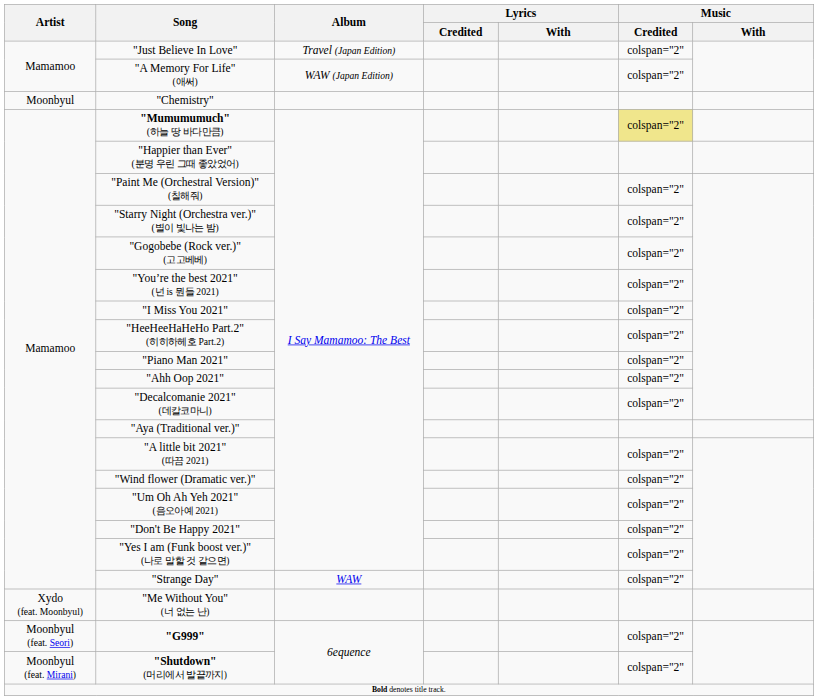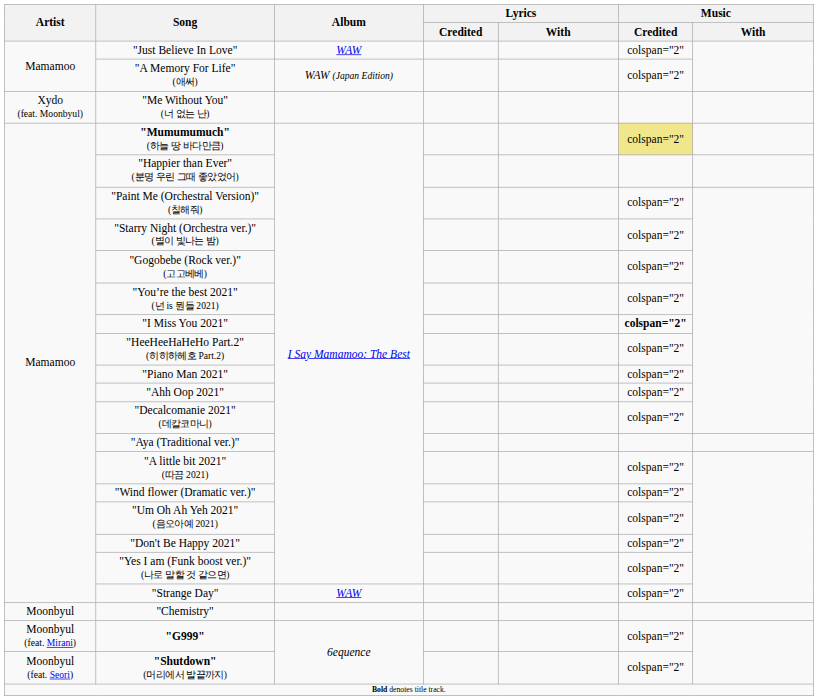 <table class="wikitable" style="text-align:center;">
 <tr>
 <th rowspan="2" style="width:7.5em;">Artist</th>
 <th rowspan="2" style="width:15em;">Song</th>
 <th rowspan="2" style="width:12.5em;">Album</th>
 <th colspan="2" style="width:16em;">Lyrics</th>
 <th colspan="2" style="width:16em;">Music</th>
 </tr>
 <tr>
 <th style="width:6em;">Credited</th>
 <th style="width:10em;">With</th>
 <th style="width:6em;">Credited</th>
 <th style="width:10em;">With</th>
 </tr>
 <tr>
 <td rowspan="2">Mamamoo</td>
 <td>"Just Believe In Love"</td>
-<td><em>Travel <small>(Japan Edition)</small></em></td>
+<td><em><a href='#'>WAW</a></em></td>
 <td></td>
 <td></td>
 <td>colspan="2" </td>
 </tr>
 <tr>
 <td>"A Memory For Life" <br><small>(애써)</small></td>
 <td><em>WAW <small>(Japan Edition)</small></em></td>
 <td></td>
 <td></td>
 <td>colspan="2" </td>
 </tr>
 <tr>
-<td>Moonbyul</td>
-<td>"Chemistry"</td>
+<td>Xydo <br><small>(feat. Moonbyul)</small></td>
+<td>"Me Without You" <br><small>(너 없는 난)</small></td>
 <td></td>
 <td></td>
 <td></td>
 <td></td>
 <td></td>
 </tr>
 <tr>
 <td rowspan="18">Mamamoo</td>
 <td><strong>"Mumumumuch"</strong> <br><small>(하늘 땅 바다만큼)</small></td>
 <td rowspan="17"><em><a href='#'>I Say Mamamoo: The Best</a></em></td>
 <td></td>
 <td></td>
 <td style="background: khaki;">colspan="2" </td>
 </tr>
 <tr>
 <td>"Happier than Ever" <br><small>(분명 우린 그때 좋았었어)</small></td>
 <td></td>
 <td></td>
 <td></td>
 <td></td>
 </tr>
 <tr>
 <td>"Paint Me (Orchestral Version)" <br><small>(칠해줘)</small></td>
 <td></td>
 <td></td>
 <td>colspan="2" </td>
 </tr>
 <tr>
 <td>"Starry Night (Orchestra ver.)" <br><small>(별이 빛나는 밤)</small></td>
 <td></td>
 <td></td>
 <td>colspan="2" </td>
 </tr>
 <tr>
 <td>"Gogobebe (Rock ver.)" <br><small>(고고베베)</small></td>
 <td></td>
 <td></td>
 <td>colspan="2" </td>
 </tr>
 <tr>
 <td>"You’re the best 2021" <br><small>(넌 is 뭔들 2021)</small></td>
 <td></td>
 <td></td>
 <td>colspan="2" </td>
 </tr>
 <tr>
 <td>"I Miss You 2021"</td>
 <td></td>
 <td></td>
-<td>colspan="2" </td>
+<td><strong>colspan="2" </strong></td>
 </tr>
 <tr>
 <td>"HeeHeeHaHeHo Part.2" <br><small>(히히하헤호 Part.2)</small></td>
 <td></td>
 <td></td>
 <td>colspan="2" </td>
 </tr>
 <tr>
 <td>"Piano Man 2021"</td>
 <td></td>
 <td></td>
 <td>colspan="2" </td>
 </tr>
 <tr>
 <td>"Ahh Oop 2021"</td>
 <td></td>
 <td></td>
 <td>colspan="2" </td>
 </tr>
 <tr>
 <td>"Decalcomanie 2021" <br><small>(데칼코마니)</small></td>
 <td></td>
 <td></td>
 <td>colspan="2" </td>
 </tr>
 <tr>
 <td>"Aya (Traditional ver.)"</td>
 <td></td>
 <td></td>
 <td></td>
 <td></td>
 </tr>
 <tr>
 <td>"A little bit 2021" <br><small>(따끔 2021)</small></td>
 <td></td>
 <td></td>
 <td>colspan="2" </td>
 </tr>
 <tr>
 <td>"Wind flower (Dramatic ver.)"</td>
 <td></td>
 <td></td>
 <td>colspan="2" </td>
 </tr>
 <tr>
 <td>"Um Oh Ah Yeh 2021" <br><small>(음오아예 2021)</small></td>
 <td></td>
 <td></td>
 <td>colspan="2" </td>
 </tr>
 <tr>
 <td>"Don't Be Happy 2021"</td>
 <td></td>
 <td></td>
 <td>colspan="2" </td>
 </tr>
 <tr>
 <td>"Yes I am (Funk boost ver.)" <br><small>(나로 말할 것 같으면)</small></td>
 <td></td>
 <td></td>
 <td>colspan="2" </td>
 </tr>
 <tr>
 <td>"Strange Day"</td>
 <td><em><a href='#'>WAW</a></em></td>
 <td></td>
 <td></td>
 <td>colspan="2" </td>
 </tr>
 <tr>
-<td>Xydo <br><small>(feat. Moonbyul)</small></td>
-<td>"Me Without You" <br><small>(너 없는 난)</small></td>
+<td>Moonbyul</td>
+<td>"Chemistry"</td>
 <td></td>
 <td></td>
 <td></td>
 <td></td>
 <td></td>
 </tr>
 <tr>
-<td>Moonbyul <br><small>(feat. <a href='#'>Seori</a>)</small></td>
+<td>Moonbyul <br><small>(feat. <a href='#'>Mirani</a>)</small></td>
 <td><strong>"G999"</strong></td>
 <td rowspan="2"><em>6equence</em></td>
 <td></td>
 <td></td>
 <td>colspan="2" </td>
 </tr>
 <tr>
-<td>Moonbyul <br><small>(feat. <a href='#'>Mirani</a>)</small></td>
+<td>Moonbyul <br><small>(feat. <a href='#'>Seori</a>)</small></td>
 <td><strong>"Shutdown"</strong> <br><small>(머리에서 발끝까지)</small></td>
 <td></td>
 <td></td>
 <td>colspan="2" </td>
 </tr>
 <tr>
 <td colspan="7" style="text-align:center; font-size:8pt;"><strong>Bold</strong> denotes title track.</td>
 </tr>
 </table>
